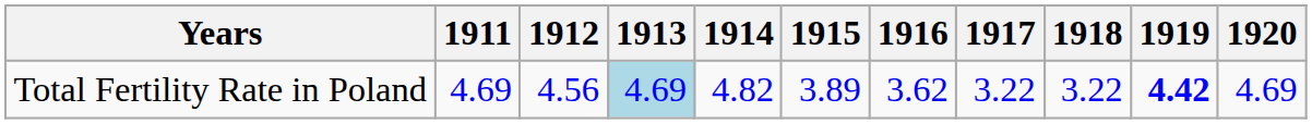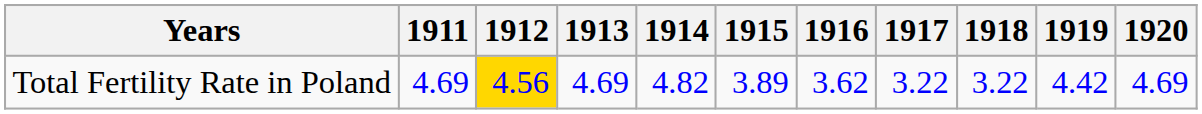 <table class="wikitable " style="text-align:right">
 <tr>
 <th>Years</th>
 <th>1911</th>
 <th>1912</th>
 <th>1913</th>
 <th>1914</th>
 <th>1915</th>
 <th>1916</th>
 <th>1917</th>
 <th>1918</th>
 <th>1919</th>
 <th>1920</th>
 </tr>
 <tr>
 <td align="left">Total Fertility Rate in Poland</td>
 <td style="text-align:right; color:blue;">4.69</td>
-<td style="text-align:right; color:blue;">4.56</td>
-<td style="background: lightblue; text-align:right; color:blue;">4.69</td>
+<td style="background: gold; text-align:right; color:blue;">4.56</td>
+<td style="text-align:right; color:blue;">4.69</td>
 <td style="text-align:right; color:blue;">4.82</td>
 <td style="text-align:right; color:blue;">3.89</td>
 <td style="text-align:right; color:blue;">3.62</td>
 <td style="text-align:right; color:blue;">3.22</td>
 <td style="text-align:right; color:blue;">3.22</td>
-<td style="text-align:right; color:blue;"><strong>4.42</strong></td>
+<td style="text-align:right; color:blue;">4.42</td>
 <td style="text-align:right; color:blue;">4.69</td>
 </tr>
 </table>
